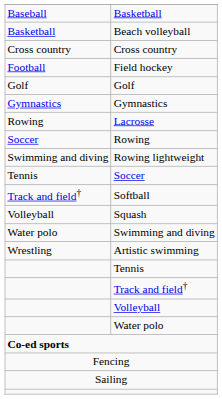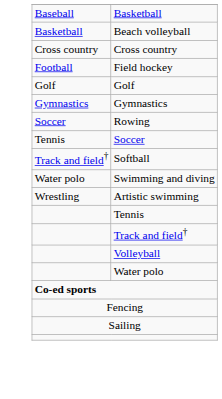 <table class="wikitable" style="float:right; clear:right; margin:0 0 1em 1em;">
 <tr>
 </tr>
 <tr>
 <td><a href='#'>Baseball</a></td>
 <td><a href='#'>Basketball</a></td>
 </tr>
 <tr>
 <td><a href='#'>Basketball</a></td>
 <td>Beach volleyball</td>
 </tr>
 <tr>
 <td>Cross country</td>
 <td>Cross country</td>
 </tr>
 <tr>
 <td><a href='#'>Football</a></td>
 <td>Field hockey</td>
 </tr>
 <tr>
 <td>Golf</td>
 <td>Golf</td>
 </tr>
 <tr>
 <td><a href='#'>Gymnastics</a></td>
 <td>Gymnastics</td>
 </tr>
 <tr>
-<td>Rowing</td>
-<td><a href='#'>Lacrosse</a></td>
-</tr>
-<tr>
 <td><a href='#'>Soccer</a></td>
 <td>Rowing</td>
-</tr>
-<tr>
-<td>Swimming and diving</td>
-<td>Rowing lightweight</td>
 </tr>
 <tr>
 <td>Tennis</td>
 <td><a href='#'>Soccer</a></td>
 </tr>
 <tr>
 <td><a href='#'>Track and field</a><sup>†</sup></td>
 <td>Softball</td>
-</tr>
-<tr>
-<td>Volleyball</td>
-<td>Squash</td>
 </tr>
 <tr>
 <td>Water polo</td>
 <td>Swimming and diving</td>
 </tr>
 <tr>
 <td>Wrestling</td>
 <td>Artistic swimming</td>
 </tr>
 <tr>
 <td></td>
 <td>Tennis</td>
 </tr>
 <tr>
 <td></td>
 <td><a href='#'>Track and field</a><sup>†</sup></td>
 </tr>
 <tr>
 <td></td>
 <td><a href='#'>Volleyball</a></td>
 </tr>
 <tr>
 <td></td>
 <td>Water polo</td>
 </tr>
 <tr>
 <td colspan="2"><strong>Co-ed sports</strong></td>
 </tr>
 <tr style="text-align:center">
 <td colspan="2">Fencing</td>
 </tr>
 <tr style="text-align:center">
 <td colspan="2">Sailing</td>
 </tr>
 <tr>
 <td colspan="2"></td>
 </tr>
 </table>
